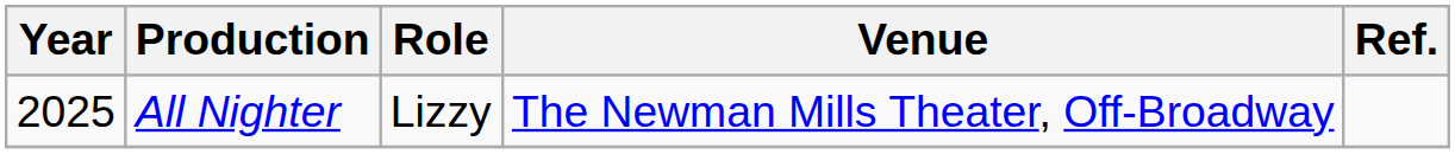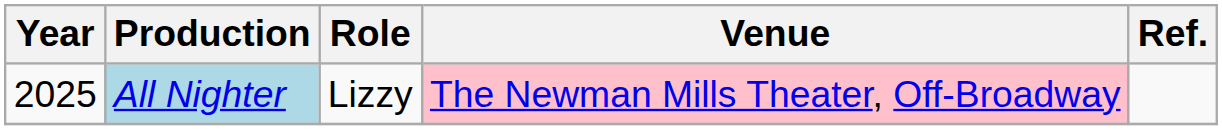 <table class="wikitable">
 <tr>
 <th>Year</th>
 <th>Production</th>
 <th>Role</th>
 <th>Venue</th>
 <th class="unsortable">Ref.</th>
 </tr>
 <tr>
 <td>2025</td>
-<td><em><a href='#'>All Nighter</a></em></td>
+<td style="background: lightblue;"><em><a href='#'>All Nighter</a></em></td>
 <td>Lizzy</td>
-<td><a href='#'>The Newman Mills Theater</a>, <a href='#'>Off-Broadway</a></td>
+<td style="background: pink;"><a href='#'>The Newman Mills Theater</a>, <a href='#'>Off-Broadway</a></td>
 <td></td>
 </tr>
 <tr>
 </tr>
 </table>
